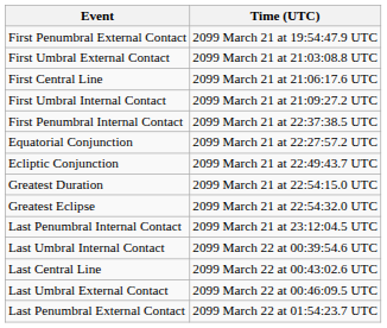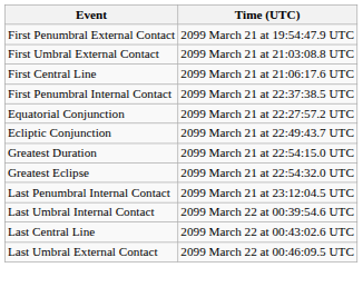 <table class="wikitable">
 <tr>
 <th>Event</th>
 <th>Time (UTC)</th>
 </tr>
 <tr>
 <td>First Penumbral External Contact</td>
 <td>2099 March 21 at 19:54:47.9 UTC</td>
 </tr>
 <tr>
 <td>First Umbral External Contact</td>
 <td>2099 March 21 at 21:03:08.8 UTC</td>
 </tr>
 <tr>
 <td>First Central Line</td>
 <td>2099 March 21 at 21:06:17.6 UTC</td>
-</tr>
-<tr>
-<td>First Umbral Internal Contact</td>
-<td>2099 March 21 at 21:09:27.2 UTC</td>
 </tr>
 <tr>
 <td>First Penumbral Internal Contact</td>
 <td>2099 March 21 at 22:37:38.5 UTC</td>
 </tr>
 <tr>
 <td>Equatorial Conjunction</td>
 <td>2099 March 21 at 22:27:57.2 UTC</td>
 </tr>
 <tr>
 <td>Ecliptic Conjunction</td>
 <td>2099 March 21 at 22:49:43.7 UTC</td>
 </tr>
 <tr>
 <td>Greatest Duration</td>
 <td>2099 March 21 at 22:54:15.0 UTC</td>
 </tr>
 <tr>
 <td>Greatest Eclipse</td>
 <td>2099 March 21 at 22:54:32.0 UTC</td>
 </tr>
 <tr>
 <td>Last Penumbral Internal Contact</td>
 <td>2099 March 21 at 23:12:04.5 UTC</td>
 </tr>
 <tr>
 <td>Last Umbral Internal Contact</td>
 <td>2099 March 22 at 00:39:54.6 UTC</td>
 </tr>
 <tr>
 <td>Last Central Line</td>
 <td>2099 March 22 at 00:43:02.6 UTC</td>
 </tr>
 <tr>
 <td>Last Umbral External Contact</td>
 <td>2099 March 22 at 00:46:09.5 UTC</td>
 </tr>
-<tr>
-<td>Last Penumbral External Contact</td>
-<td>2099 March 22 at 01:54:23.7 UTC</td>
-</tr>
 </table>
